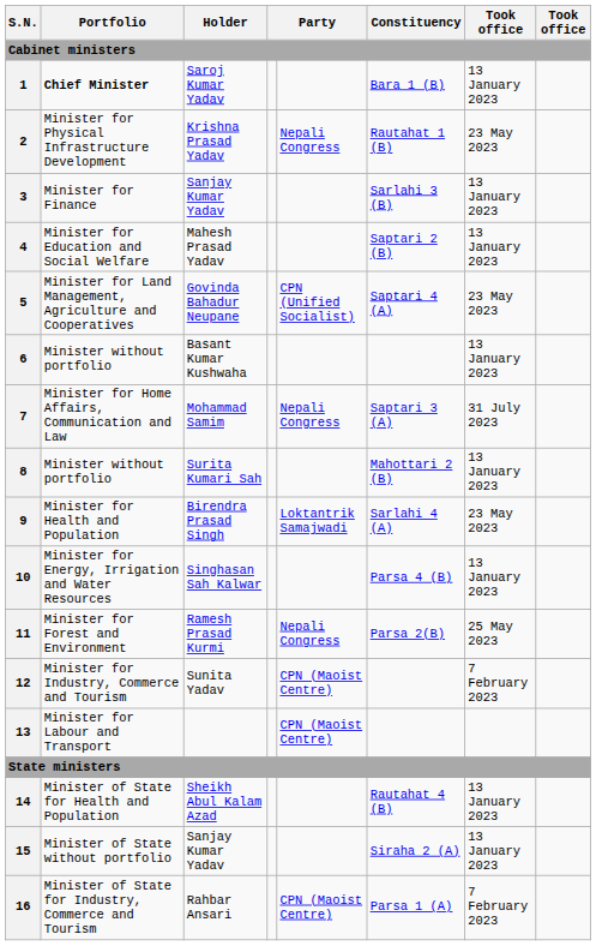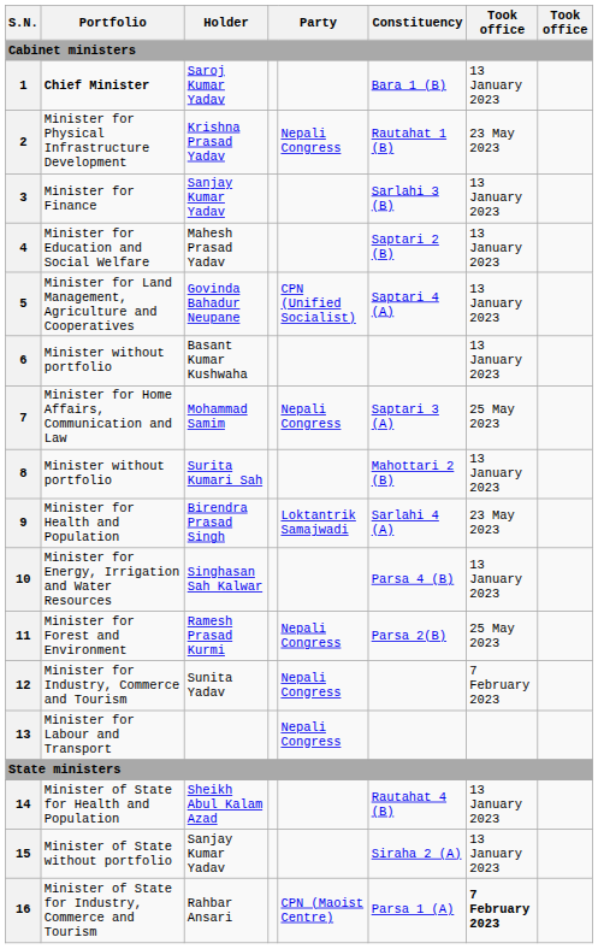 <table class="wikitable">
 <tr>
 <th>S.N.</th>
 <th>Portfolio</th>
 <th>Holder</th>
 <th colspan="2">Party</th>
 <th>Constituency</th>
 <th>Took office</th>
 <th>Took office</th>
 </tr>
 <tr>
 <td colspan="8" bgcolor="darkgrey"><strong>Cabinet ministers</strong></td>
 </tr>
 <tr>
 <th>1</th>
 <td><strong>Chief Minister</strong></td>
 <td><a href='#'>Saroj Kumar Yadav</a></td>
 <td></td>
 <td></td>
 <td><a href='#'>Bara 1 (B)</a></td>
 <td>13 January 2023</td>
 <td></td>
 </tr>
 <tr>
 <th>2</th>
 <td>Minister for Physical Infrastructure Development</td>
 <td><a href='#'>Krishna Prasad Yadav</a></td>
 <td width="4px"></td>
 <td><a href='#'>Nepali Congress</a></td>
 <td><a href='#'>Rautahat 1 (B)</a></td>
 <td>23 May 2023</td>
 <td></td>
 </tr>
 <tr>
 <th>3</th>
 <td>Minister for Finance</td>
 <td><a href='#'>Sanjay Kumar Yadav</a></td>
 <td></td>
 <td></td>
 <td><a href='#'>Sarlahi 3 (B)</a></td>
 <td>13 January 2023</td>
 <td></td>
 </tr>
 <tr>
 <th>4</th>
 <td>Minister for Education and Social Welfare</td>
 <td>Mahesh Prasad Yadav</td>
 <td></td>
 <td></td>
 <td><a href='#'>Saptari 2 (B)</a></td>
 <td>13 January 2023</td>
 <td></td>
 </tr>
 <tr>
 <th>5</th>
 <td>Minister for Land Management, Agriculture and Cooperatives</td>
 <td><a href='#'>Govinda Bahadur Neupane</a></td>
 <td width="4px"></td>
 <td><a href='#'>CPN (Unified Socialist)</a></td>
 <td><a href='#'>Saptari 4 (A)</a></td>
-<td>23 May 2023</td>
+<td>13 January 2023</td>
 <td></td>
 </tr>
 <tr>
 <th>6</th>
 <td>Minister without portfolio</td>
 <td>Basant Kumar Kushwaha</td>
 <td></td>
 <td></td>
 <td></td>
 <td>13 January 2023</td>
 <td></td>
 </tr>
 <tr>
 <th>7</th>
 <td>Minister for Home Affairs, Communication and Law</td>
 <td><a href='#'>Mohammad Samim</a></td>
 <td width="4px"></td>
 <td><a href='#'>Nepali Congress</a></td>
 <td><a href='#'>Saptari 3 (A)</a></td>
-<td>31 July 2023</td>
+<td>25 May 2023</td>
 <td></td>
 </tr>
 <tr>
 <th>8</th>
 <td>Minister without portfolio</td>
 <td><a href='#'>Surita Kumari Sah</a></td>
 <td></td>
 <td></td>
 <td><a href='#'>Mahottari 2 (B)</a></td>
 <td>13 January 2023</td>
 <td></td>
 </tr>
 <tr>
 <th>9</th>
 <td>Minister for Health and Population</td>
 <td><a href='#'>Birendra Prasad Singh</a></td>
 <td width="4px"></td>
 <td><a href='#'>Loktantrik Samajwadi</a></td>
 <td><a href='#'>Sarlahi 4 (A)</a></td>
 <td>23 May 2023</td>
 <td></td>
 </tr>
 <tr>
 <th>10</th>
 <td>Minister for Energy, Irrigation and Water Resources</td>
 <td><a href='#'>Singhasan Sah Kalwar</a></td>
 <td></td>
 <td></td>
 <td><a href='#'>Parsa 4 (B)</a></td>
 <td>13 January 2023</td>
 <td></td>
 </tr>
 <tr>
 <th>11</th>
 <td>Minister for Forest and Environment</td>
 <td><a href='#'>Ramesh Prasad Kurmi</a></td>
 <td width="4px"></td>
 <td><a href='#'>Nepali Congress</a></td>
 <td><a href='#'>Parsa 2(B)</a></td>
 <td>25 May 2023</td>
 <td></td>
 </tr>
 <tr>
 <th>12</th>
 <td>Minister for Industry, Commerce and Tourism</td>
 <td>Sunita Yadav</td>
 <td></td>
-<td><a href='#'>CPN (Maoist Centre)</a></td>
+<td><a href='#'>Nepali Congress</a></td>
 <td></td>
 <td>7 February 2023</td>
 <td></td>
 </tr>
 <tr>
 <th>13</th>
 <td>Minister for Labour and Transport</td>
 <td></td>
 <td width="4px"></td>
-<td><a href='#'>CPN (Maoist Centre)</a></td>
+<td><a href='#'>Nepali Congress</a></td>
 <td></td>
 <td></td>
 <td></td>
 </tr>
 <tr>
 <td colspan="8" bgcolor="darkgrey"><strong>State ministers</strong></td>
 </tr>
 <tr>
 <th>14</th>
 <td>Minister of State for Health and Population</td>
 <td><a href='#'>Sheikh Abul Kalam Azad</a></td>
 <td></td>
 <td></td>
 <td><a href='#'>Rautahat 4 (B)</a></td>
 <td>13 January 2023</td>
 <td></td>
 </tr>
 <tr>
 <th>15</th>
 <td>Minister of State without portfolio</td>
 <td>Sanjay Kumar Yadav</td>
 <td></td>
 <td></td>
 <td><a href='#'>Siraha 2 (A)</a></td>
 <td>13 January 2023</td>
 <td></td>
 </tr>
 <tr>
 <th>16</th>
 <td>Minister of State for Industry, Commerce and Tourism</td>
 <td>Rahbar Ansari</td>
 <td></td>
 <td><a href='#'>CPN (Maoist Centre)</a></td>
 <td><a href='#'>Parsa 1 (A)</a></td>
-<td>7 February 2023</td>
+<td><strong>7 February 2023</strong></td>
 <td></td>
 </tr>
 </table>
